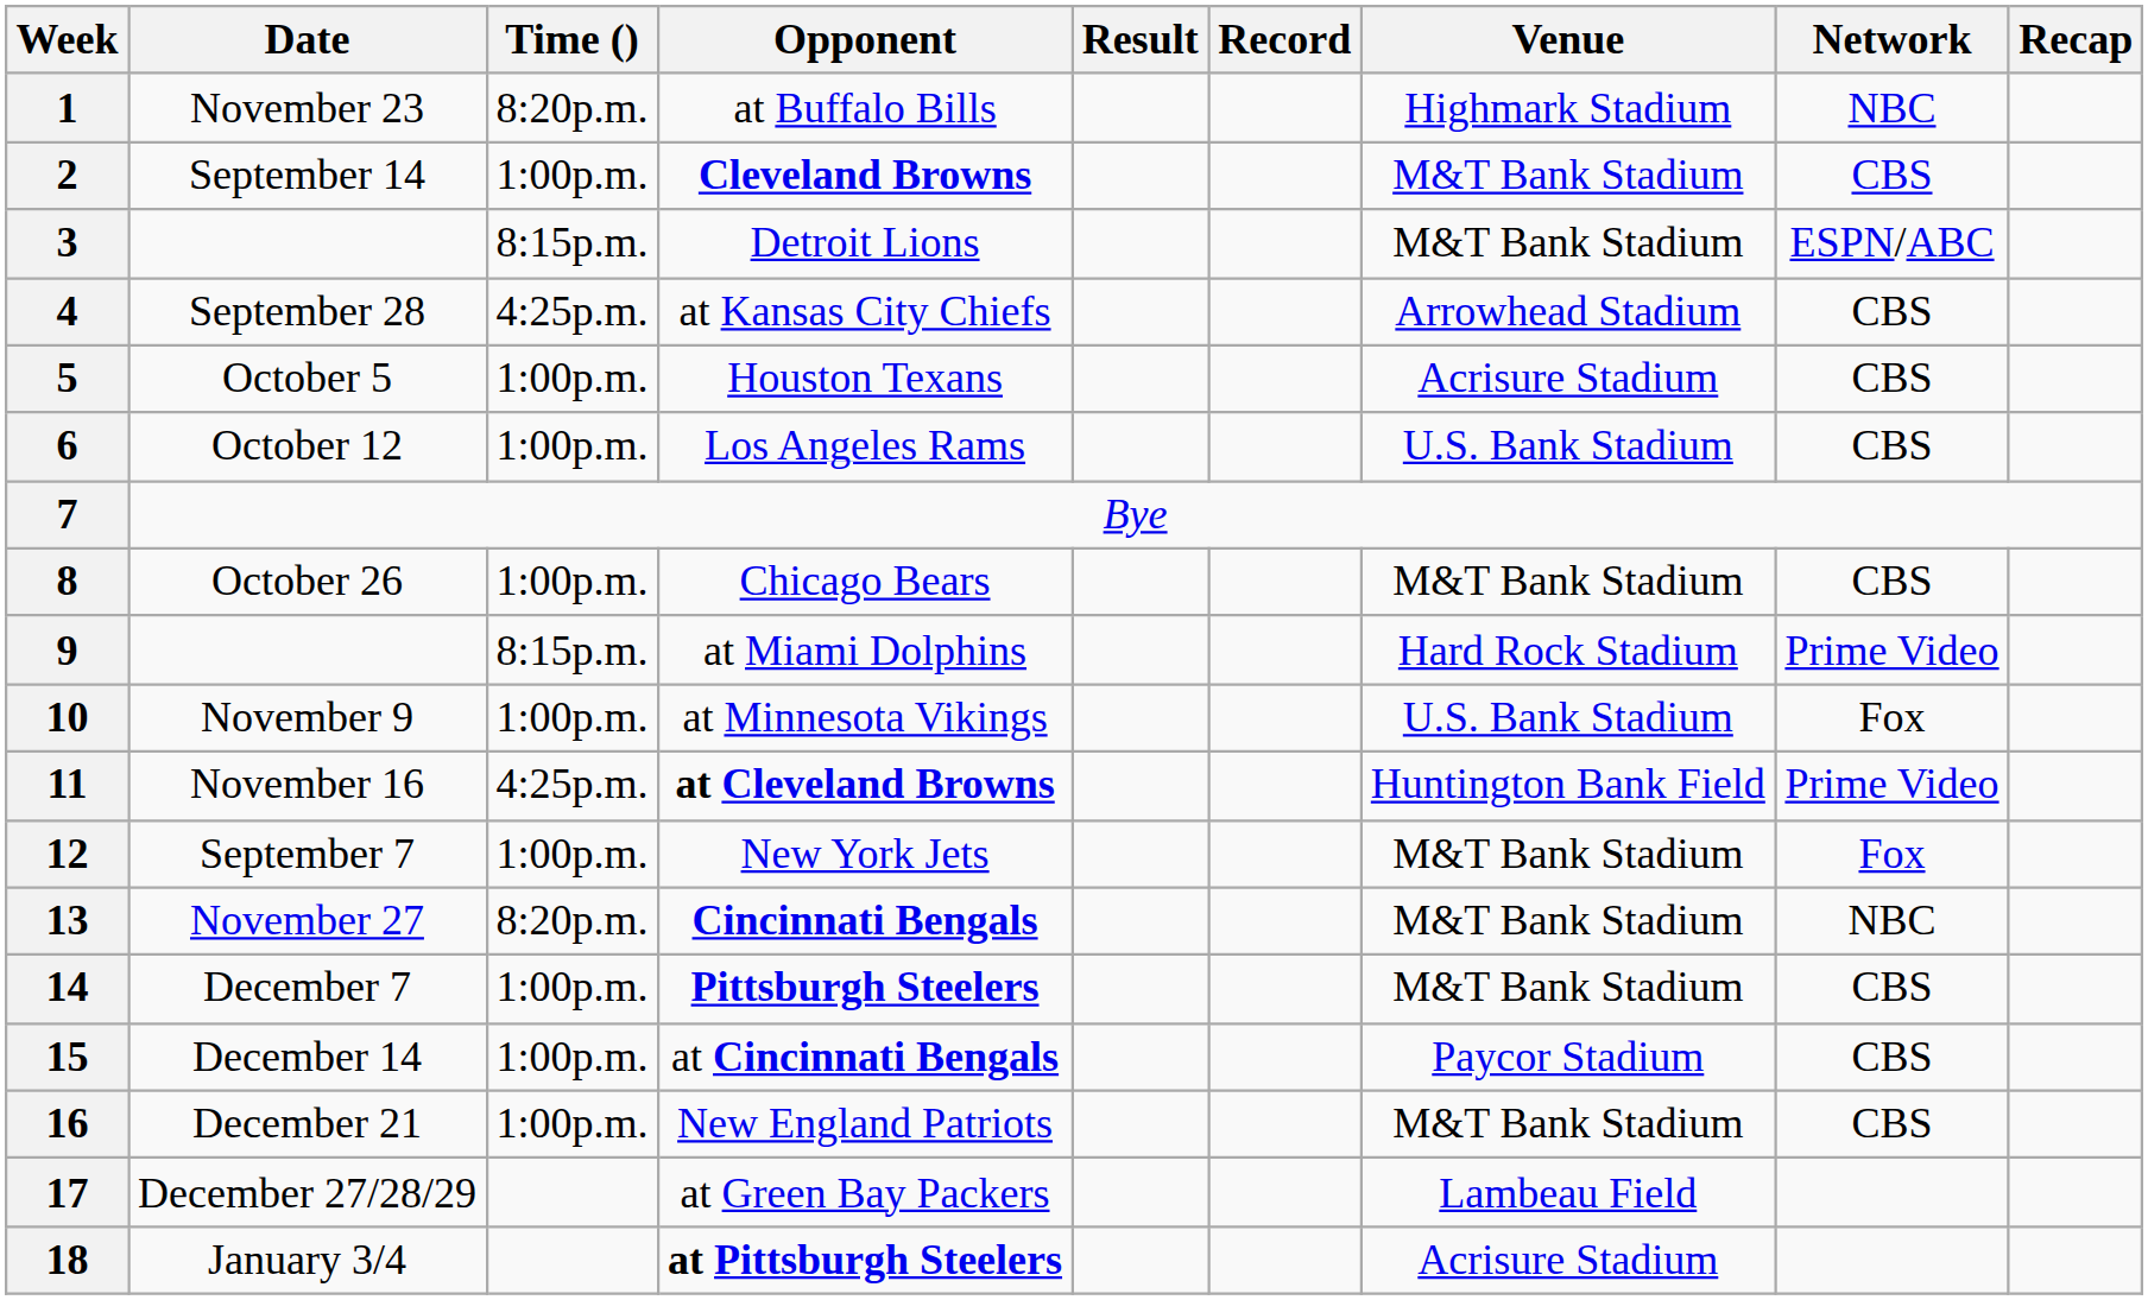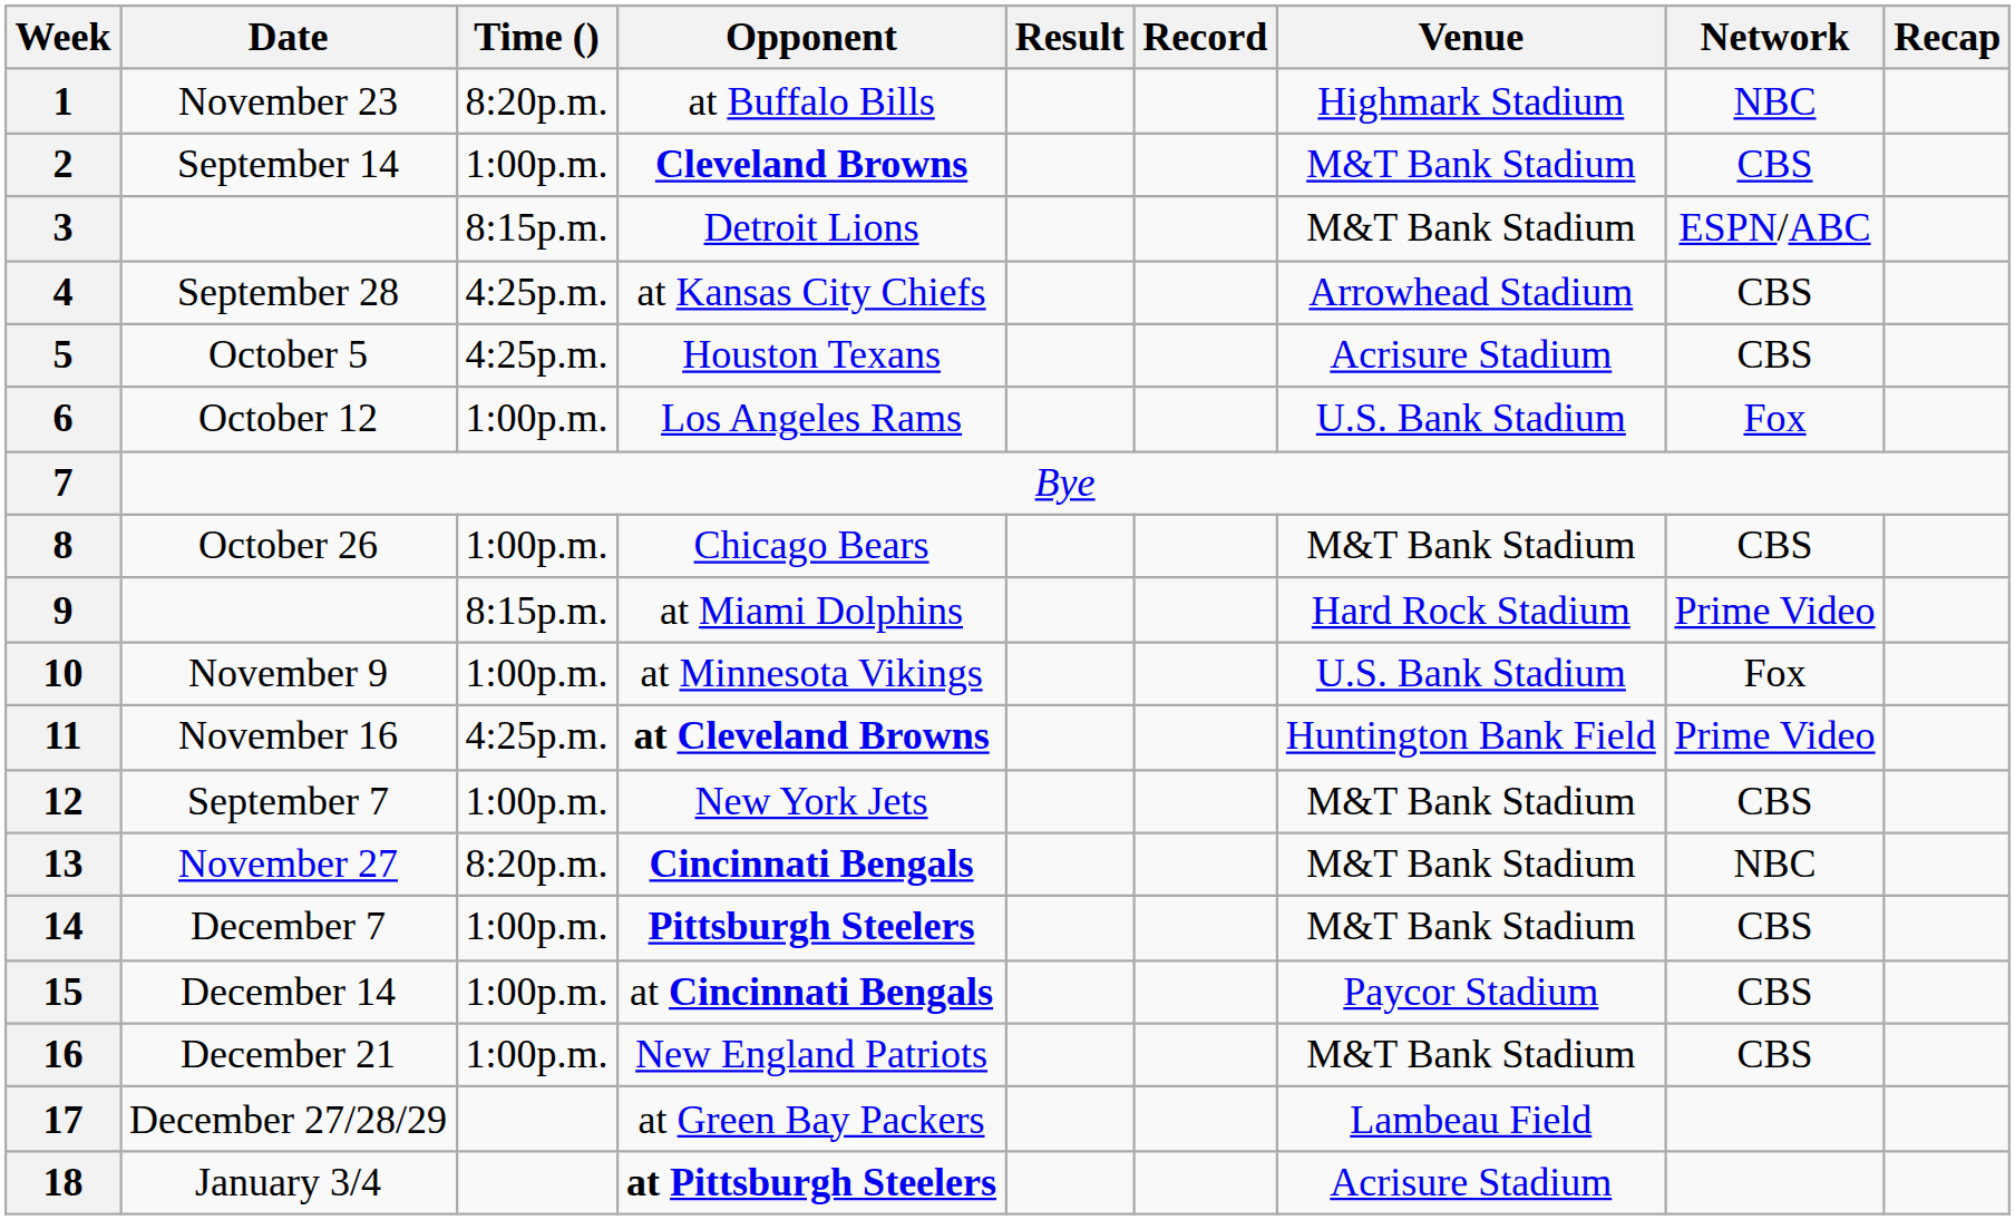 <table class="wikitable" style="text-align:center">
 <tr>
 <th>Week</th>
 <th>Date</th>
 <th>Time (<a href='#'></a>)</th>
 <th>Opponent</th>
 <th>Result</th>
 <th>Record</th>
 <th>Venue</th>
 <th>Network</th>
 <th>Recap</th>
 </tr>
 <tr>
 <th>1 </th>
 <td>November 23</td>
 <td>8:20p.m.</td>
 <td>at <a href='#'>Buffalo Bills</a></td>
 <td></td>
 <td></td>
 <td><a href='#'>Highmark Stadium</a></td>
 <td><a href='#'>NBC</a></td>
 <td></td>
 </tr>
 <tr>
 <th>2 </th>
 <td>September 14</td>
 <td>1:00p.m.</td>
 <td><strong><a href='#'>Cleveland Browns</a></strong></td>
 <td></td>
 <td></td>
 <td><a href='#'>M&T Bank Stadium</a></td>
 <td><a href='#'>CBS</a></td>
 <td></td>
 </tr>
 <tr>
 <th>3 </th>
 <td></td>
 <td>8:15p.m.</td>
 <td><a href='#'>Detroit Lions</a></td>
 <td></td>
 <td></td>
 <td>M&T Bank Stadium</td>
 <td><a href='#'>ESPN</a>/<a href='#'>ABC</a></td>
 <td></td>
 </tr>
 <tr>
 <th>4 </th>
 <td>September 28</td>
 <td>4:25p.m.</td>
 <td>at <a href='#'>Kansas City Chiefs</a></td>
 <td></td>
 <td></td>
 <td><a href='#'>Arrowhead Stadium</a></td>
 <td>CBS</td>
 <td></td>
 </tr>
 <tr>
 <th>5 </th>
 <td>October 5</td>
-<td>1:00p.m.</td>
+<td>4:25p.m.</td>
 <td><a href='#'>Houston Texans</a></td>
 <td></td>
 <td></td>
 <td><a href='#'>Acrisure Stadium</a></td>
 <td>CBS</td>
 <td></td>
 </tr>
 <tr>
 <th>6 </th>
 <td>October 12</td>
 <td>1:00p.m.</td>
 <td><a href='#'>Los Angeles Rams</a></td>
 <td></td>
 <td></td>
 <td><a href='#'>U.S. Bank Stadium</a></td>
-<td>CBS</td>
+<td><a href='#'>Fox</a></td>
 <td></td>
 </tr>
 <tr>
 <th>7</th>
 <td colspan=8><em><a href='#'>Bye</a></em></td>
 </tr>
 <tr>
 <th>8 </th>
 <td>October 26</td>
 <td>1:00p.m.</td>
 <td><a href='#'>Chicago Bears</a></td>
 <td></td>
 <td></td>
 <td>M&T Bank Stadium</td>
 <td>CBS</td>
 <td></td>
 </tr>
 <tr>
 <th>9 </th>
 <td></td>
 <td>8:15p.m.</td>
 <td>at <a href='#'>Miami Dolphins</a></td>
 <td></td>
 <td></td>
 <td><a href='#'>Hard Rock Stadium</a></td>
 <td><a href='#'>Prime Video</a></td>
 <td></td>
 </tr>
 <tr>
 <th>10 </th>
 <td>November 9</td>
 <td>1:00p.m.</td>
 <td>at <a href='#'>Minnesota Vikings</a></td>
 <td></td>
 <td></td>
 <td><a href='#'>U.S. Bank Stadium</a></td>
 <td>Fox</td>
 <td></td>
 </tr>
 <tr>
 <th>11 </th>
 <td>November 16</td>
 <td>4:25p.m.</td>
 <td><strong>at <a href='#'>Cleveland Browns</a></strong></td>
 <td></td>
 <td></td>
 <td><a href='#'>Huntington Bank Field</a></td>
 <td><a href='#'>Prime Video</a></td>
 <td></td>
 </tr>
 <tr>
 <th>12 </th>
 <td>September 7</td>
 <td>1:00p.m.</td>
 <td><a href='#'>New York Jets</a></td>
 <td></td>
 <td></td>
 <td>M&T Bank Stadium</td>
-<td><a href='#'>Fox</a></td>
+<td>CBS</td>
 <td></td>
 </tr>
 <tr>
 <th>13 </th>
 <td><a href='#'>November 27</a></td>
 <td>8:20p.m.</td>
 <td><a href='#'><strong>Cincinnati Bengals</strong></a></td>
 <td></td>
 <td></td>
 <td>M&T Bank Stadium</td>
 <td>NBC</td>
 <td></td>
 </tr>
 <tr>
 <th>14 </th>
 <td>December 7</td>
 <td>1:00p.m.</td>
 <td><strong><a href='#'>Pittsburgh Steelers</a></strong></td>
 <td></td>
 <td></td>
 <td>M&T Bank Stadium</td>
 <td>CBS</td>
 <td></td>
 </tr>
 <tr>
 <th>15 </th>
 <td>December 14</td>
 <td>1:00p.m.</td>
 <td>at <a href='#'><strong>Cincinnati Bengals</strong></a></td>
 <td></td>
 <td></td>
 <td><a href='#'>Paycor Stadium</a></td>
 <td>CBS</td>
 <td></td>
 </tr>
 <tr>
 <th>16 </th>
 <td>December 21</td>
 <td>1:00p.m.</td>
 <td><a href='#'>New England Patriots</a></td>
 <td></td>
 <td></td>
 <td>M&T Bank Stadium</td>
 <td>CBS</td>
 <td></td>
 </tr>
 <tr>
 <th>17 </th>
 <td>December 27/28/29</td>
 <td></td>
 <td>at <a href='#'>Green Bay Packers</a></td>
 <td></td>
 <td></td>
 <td><a href='#'>Lambeau Field</a></td>
 <td></td>
 <td></td>
 </tr>
 <tr>
 <th>18 </th>
 <td>January 3/4</td>
 <td></td>
 <td><strong>at <a href='#'>Pittsburgh Steelers</a></strong></td>
 <td></td>
 <td></td>
 <td><a href='#'>Acrisure Stadium</a></td>
 <td></td>
 <td></td>
 </tr>
 </table>
